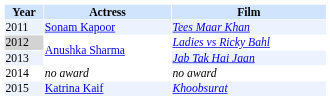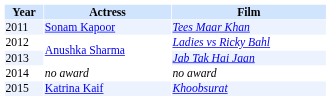 <table cellspacing="1" cellpadding="1" border="0" width="50%">
 <tr bgcolor="#d1e4fd">
 <th>Year</th>
 <th>Actress</th>
 <th>Film</th>
 </tr>
 <tr bgcolor=#edf3fe>
 <td>2011</td>
 <td><a href='#'>Sonam Kapoor</a></td>
 <td><em><a href='#'>Tees Maar Khan</a></em></td>
 </tr>
 <tr>
-<td style="background: lightgrey;">2012</td>
+<td>2012</td>
 <td rowspan="2"><a href='#'>Anushka Sharma</a></td>
 <td><em><a href='#'>Ladies vs Ricky Bahl</a></em></td>
 </tr>
 <tr bgcolor=#edf3fe>
 <td>2013</td>
 <td><em><a href='#'>Jab Tak Hai Jaan</a></em></td>
 </tr>
 <tr>
 <td>2014</td>
 <td><em>no award</em></td>
 <td><em>no award</em></td>
 </tr>
 <tr bgcolor=#edf3fe>
 <td>2015</td>
 <td><a href='#'>Katrina Kaif</a></td>
 <td><em><a href='#'>Khoobsurat</a></em></td>
 </tr>
 </table>
